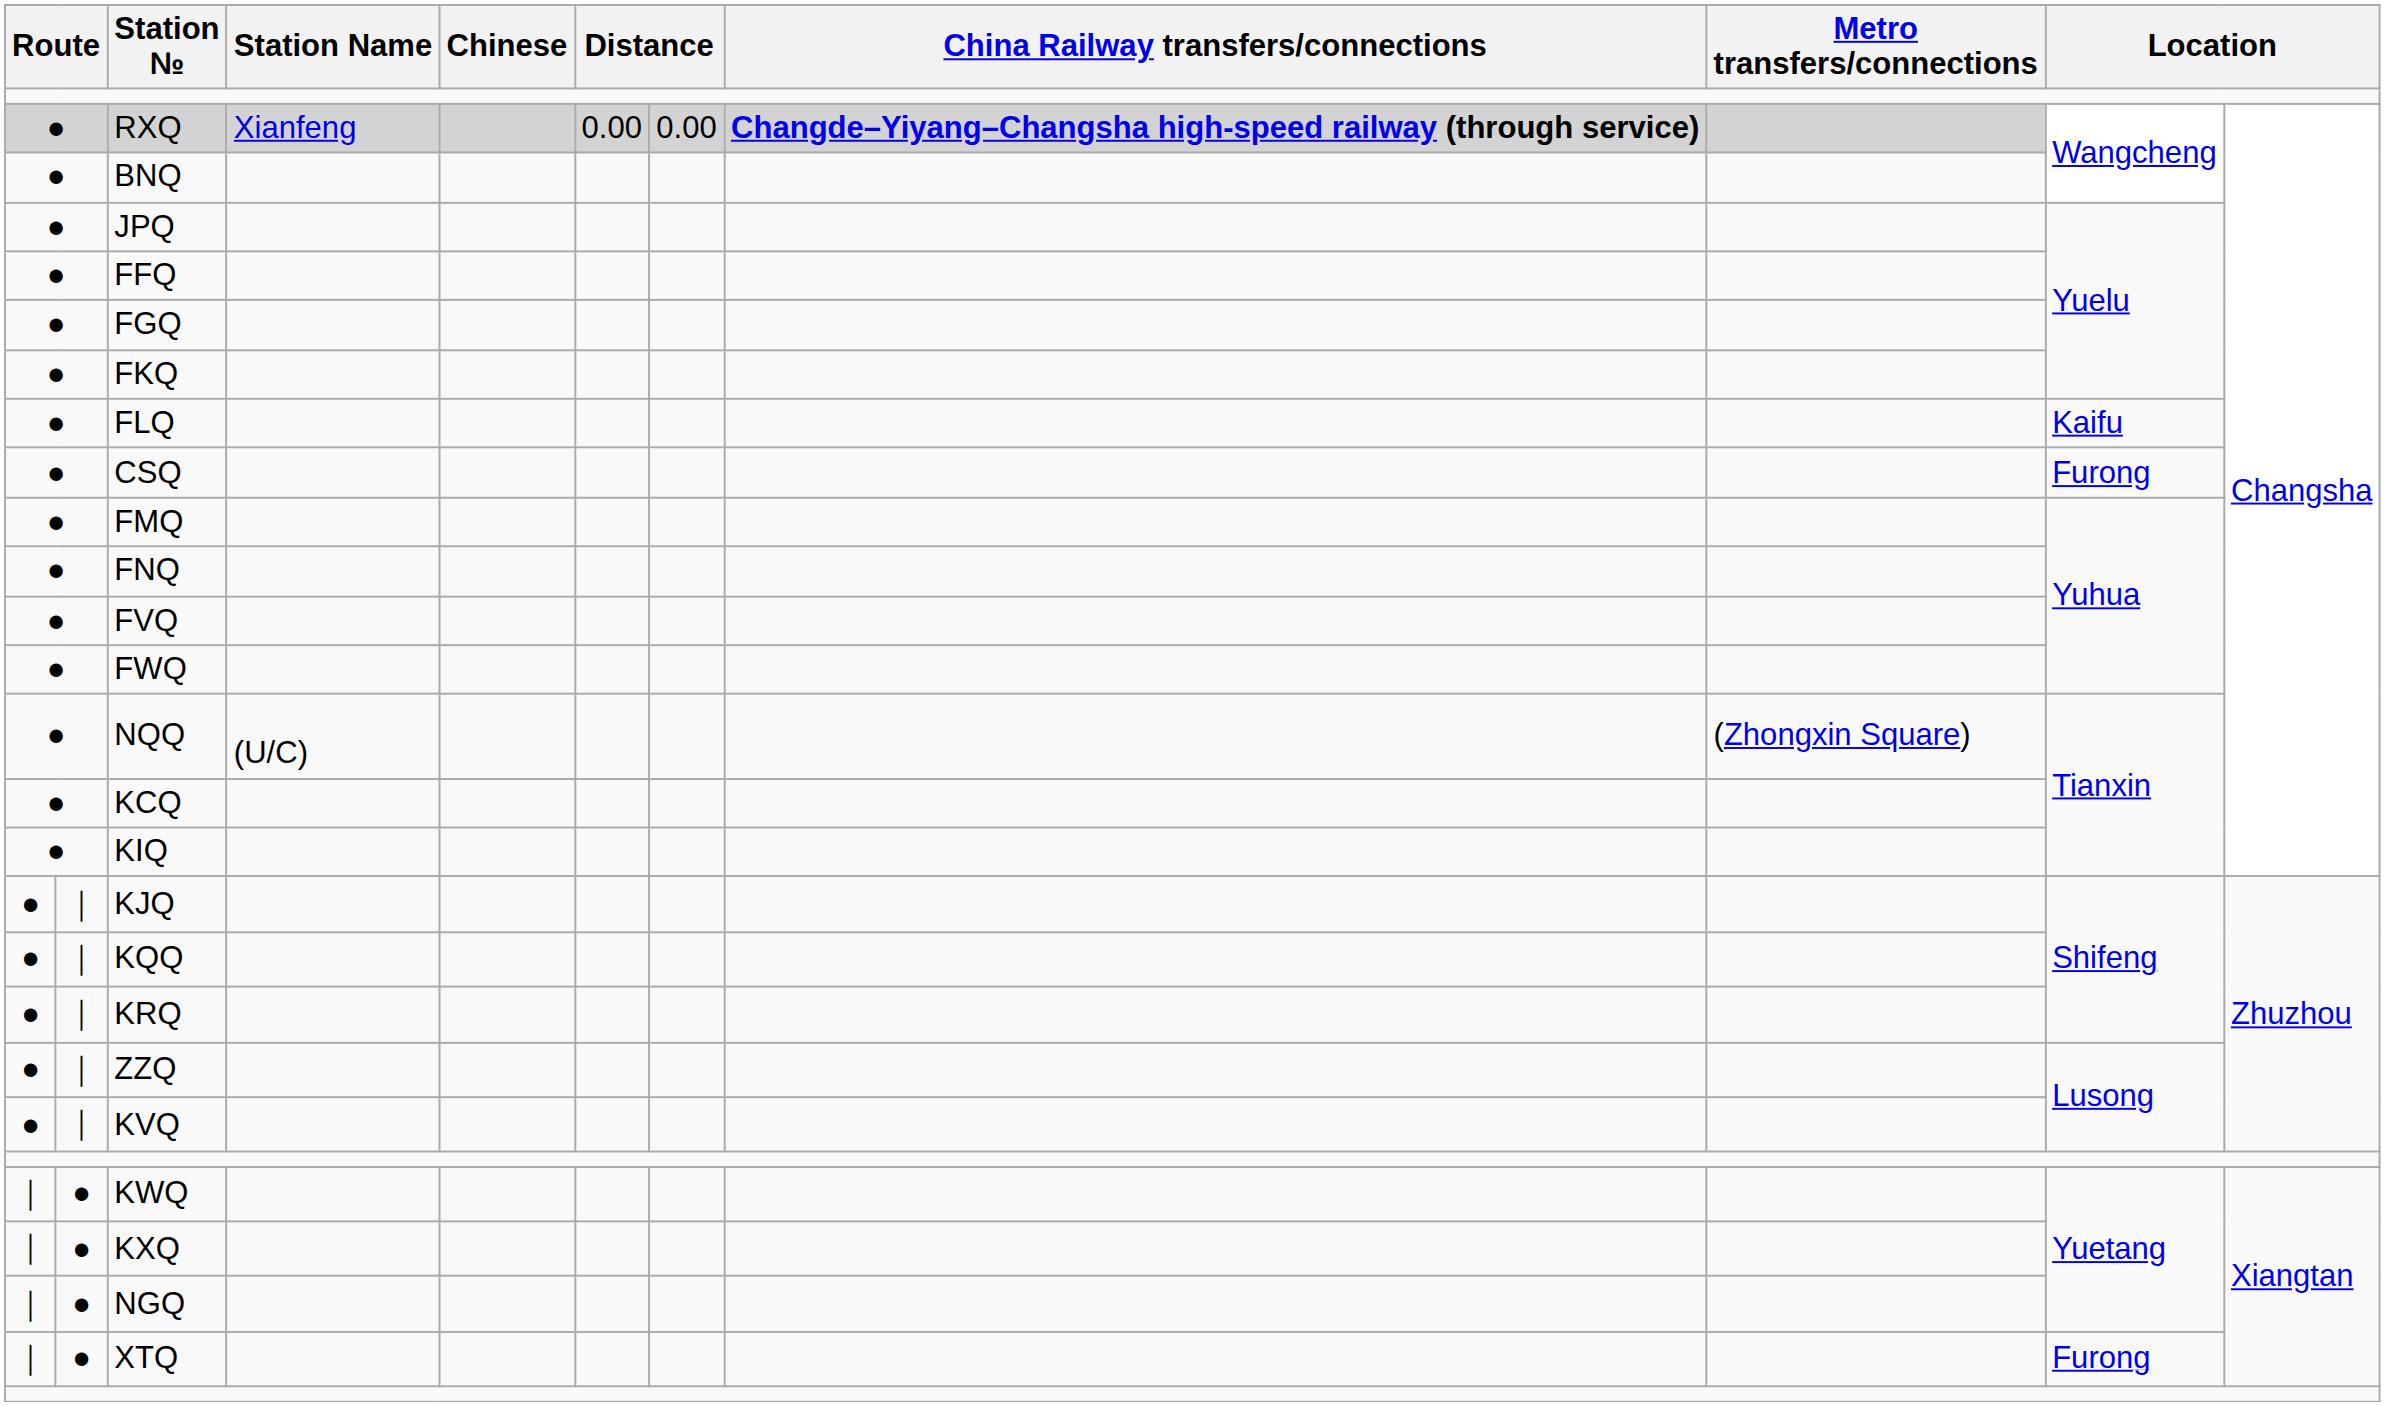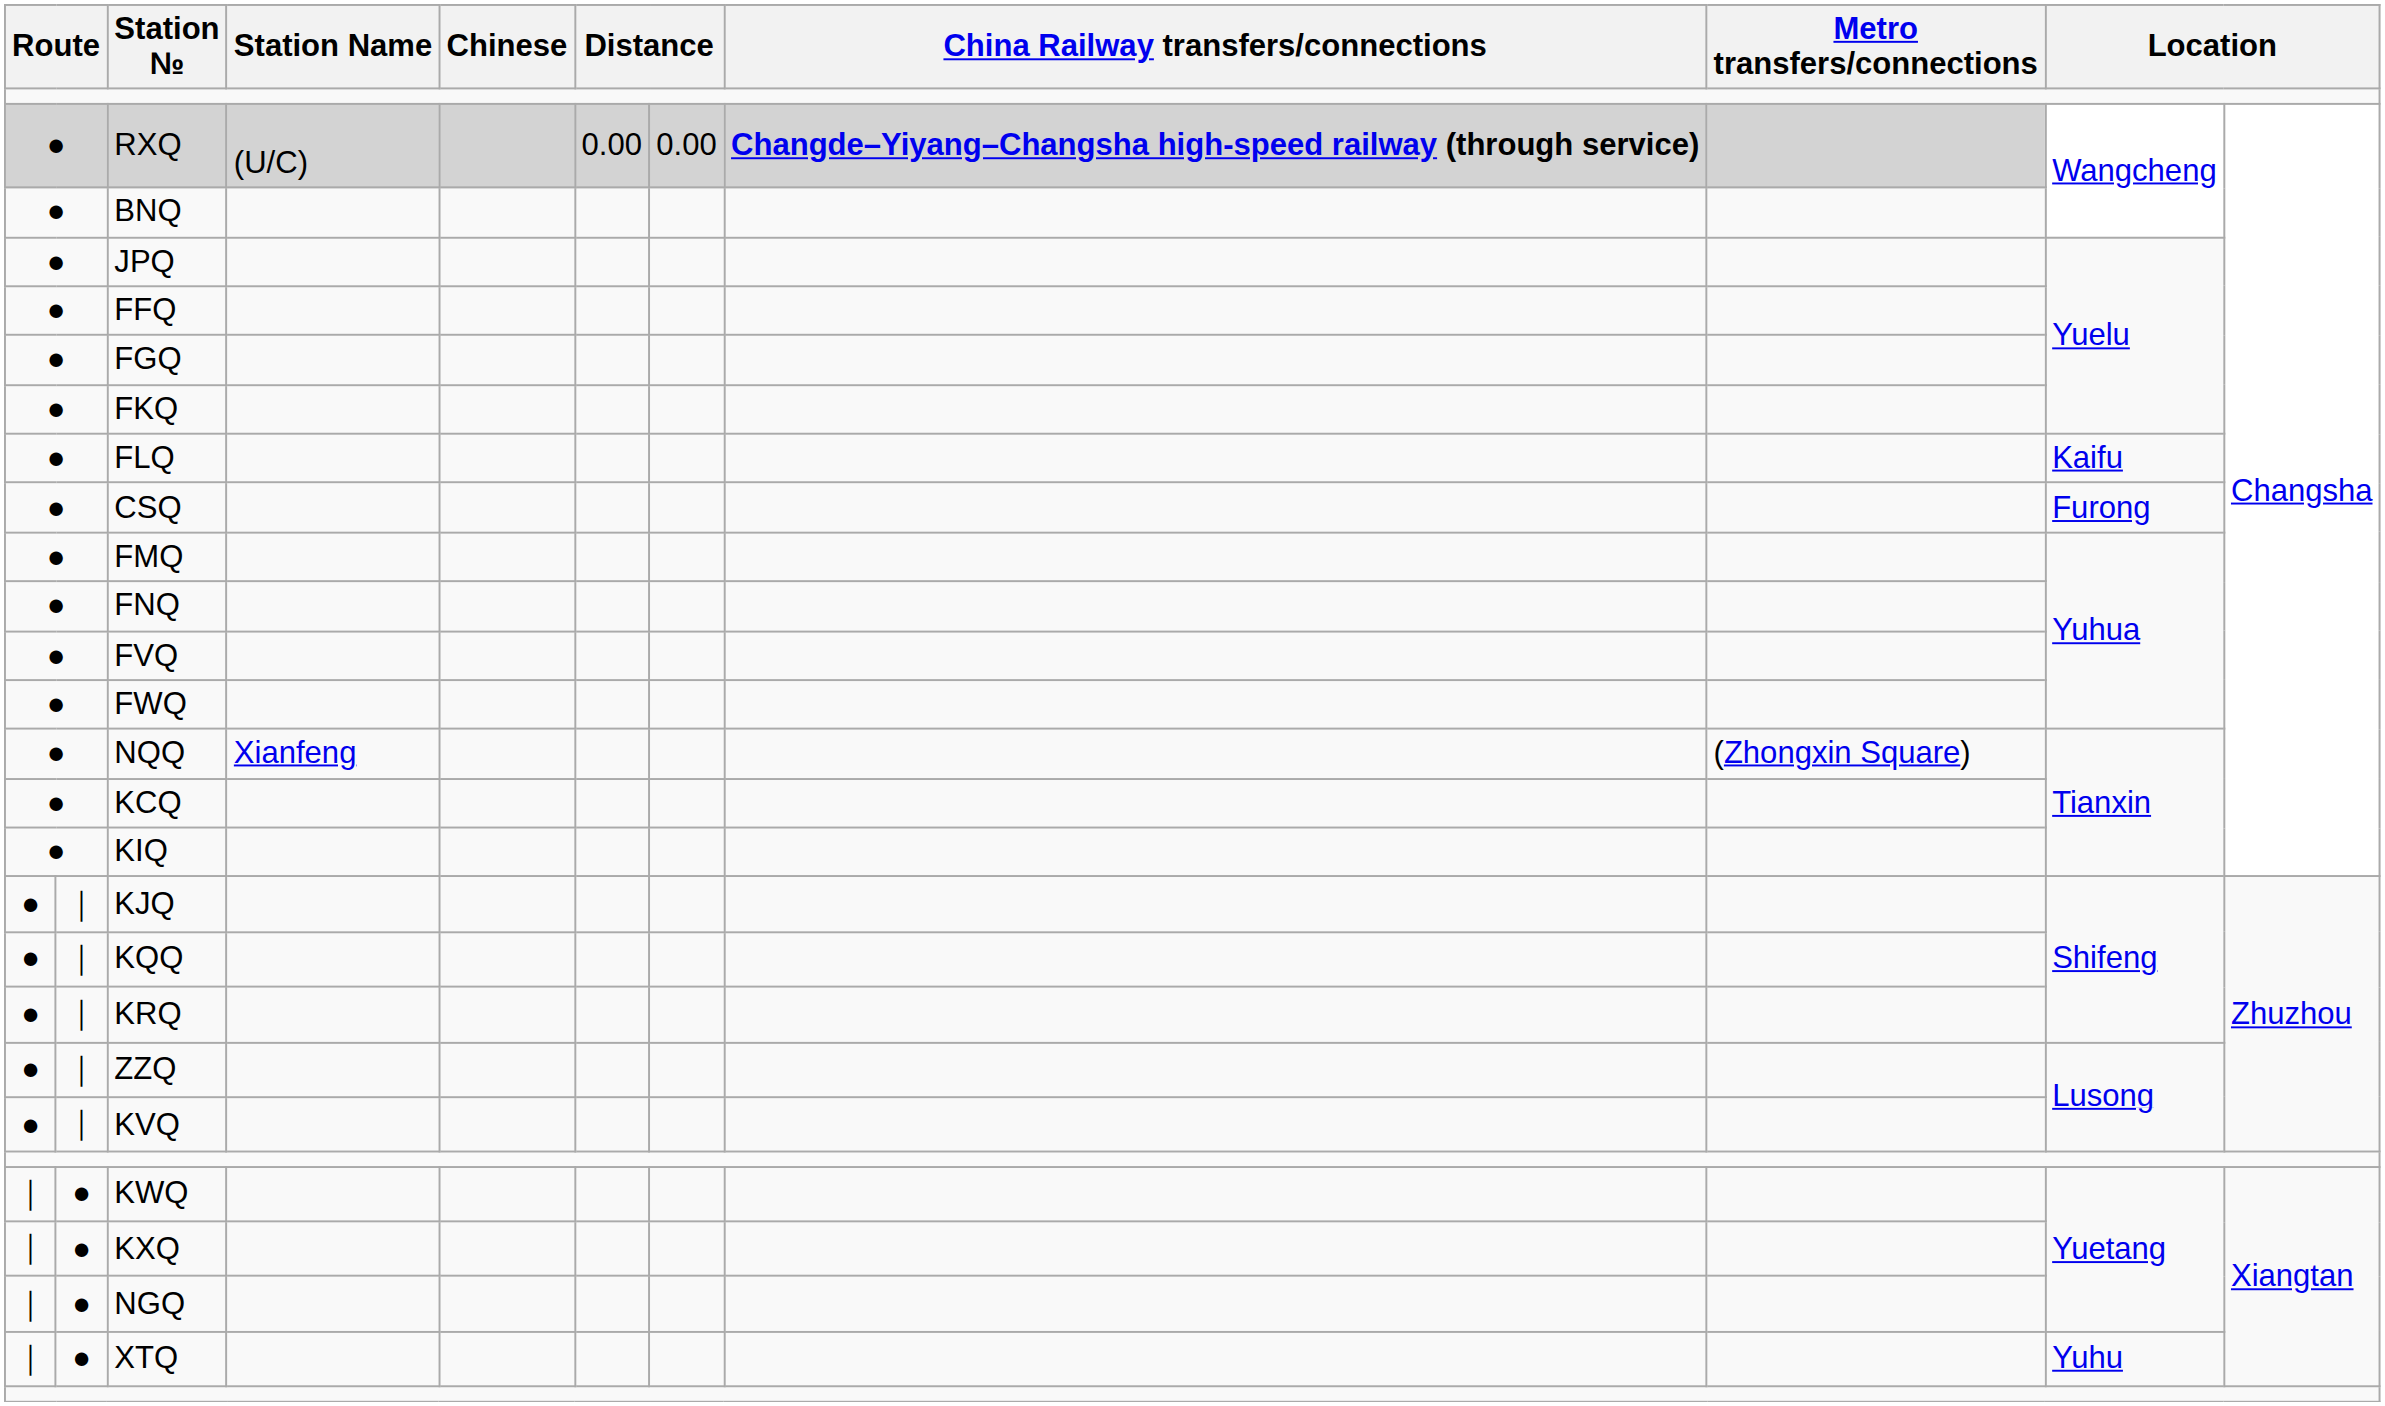 <table class="wikitable">
 <tr>
 <th colspan="2">Route</th>
 <th>Station<br>№</th>
 <th>Station Name</th>
 <th>Chinese</th>
 <th colspan="2">Distance<br></th>
 <th><a href='#'>China Railway</a> transfers/connections</th>
 <th><a href='#'>Metro</a><br>transfers/connections</th>
 <th colspan="2">Location</th>
 </tr>
 <tr style="background:#">
 <td colspan = "11"></td>
 </tr>
 <tr bgcolor="lightgrey">
 <td align="center" colspan="2">●</td>
 <td>RXQ</td>
-<td><a href='#'>Xianfeng</a></td>
+<td><em></em> <br>(U/C)</td>
 <td></td>
 <td>0.00</td>
 <td>0.00</td>
 <td><strong><a href='#'>Changde–Yiyang–Changsha high-speed railway</a> (through service)</strong></td>
 <td></td>
 <td bgcolor="white" rowspan="2"><a href='#'>Wangcheng</a></td>
 <td bgcolor="white" rowspan="15"><a href='#'>Changsha</a></td>
 </tr>
 <tr>
 <td align="center" colspan="2">●</td>
 <td>BNQ</td>
 <td></td>
 <td></td>
 <td></td>
 <td></td>
 <td></td>
 <td></td>
 </tr>
 <tr>
 <td align="center" colspan="2">●</td>
 <td>JPQ</td>
 <td></td>
 <td></td>
 <td></td>
 <td></td>
 <td></td>
 <td></td>
 <td rowspan="4"><a href='#'>Yuelu</a></td>
 </tr>
 <tr>
 <td align="center" colspan="2">●</td>
 <td>FFQ</td>
 <td></td>
 <td></td>
 <td></td>
 <td></td>
 <td></td>
 <td></td>
 </tr>
 <tr>
 <td align="center" colspan="2">●</td>
 <td>FGQ</td>
 <td></td>
 <td></td>
 <td></td>
 <td></td>
 <td></td>
 <td></td>
 </tr>
 <tr>
 <td align="center" colspan="2">●</td>
 <td>FKQ</td>
 <td></td>
 <td></td>
 <td></td>
 <td></td>
 <td></td>
 <td> </td>
 </tr>
 <tr>
 <td align="center" colspan="2">●</td>
 <td>FLQ</td>
 <td></td>
 <td></td>
 <td></td>
 <td></td>
 <td></td>
 <td> </td>
 <td rowspan="1"><a href='#'>Kaifu</a></td>
 </tr>
 <tr>
 <td align="center" colspan="2">●</td>
 <td>CSQ</td>
 <td></td>
 <td></td>
 <td></td>
 <td></td>
 <td></td>
 <td>  </td>
 <td rowspan="1"><a href='#'>Furong</a></td>
 </tr>
 <tr>
 <td align="center" colspan="2">●</td>
 <td>FMQ</td>
 <td></td>
 <td></td>
 <td></td>
 <td></td>
 <td></td>
 <td> </td>
 <td rowspan="4"><a href='#'>Yuhua</a></td>
 </tr>
 <tr>
 <td align="center" colspan="2">●</td>
 <td>FNQ</td>
 <td></td>
 <td></td>
 <td></td>
 <td></td>
 <td></td>
 <td></td>
 </tr>
 <tr>
 <td align="center" colspan="2">●</td>
 <td>FVQ</td>
 <td></td>
 <td></td>
 <td></td>
 <td></td>
 <td></td>
 <td></td>
 </tr>
 <tr>
 <td align="center" colspan="2">●</td>
 <td>FWQ</td>
 <td></td>
 <td></td>
 <td></td>
 <td></td>
 <td></td>
 <td></td>
 </tr>
 <tr>
 <td align="center" colspan="2">●</td>
 <td>NQQ</td>
-<td><em></em> <br>(U/C)</td>
+<td><a href='#'>Xianfeng</a></td>
 <td></td>
 <td></td>
 <td></td>
 <td></td>
 <td>  (<a href='#'>Zhongxin Square</a>)</td>
 <td rowspan="3"><a href='#'>Tianxin</a></td>
 </tr>
 <tr>
 <td align="center" colspan="2">●</td>
 <td>KCQ</td>
 <td> </td>
 <td></td>
 <td></td>
 <td></td>
 <td></td>
 <td></td>
 </tr>
 <tr>
 <td align="center" colspan="2">●</td>
 <td>KIQ</td>
 <td></td>
 <td></td>
 <td></td>
 <td></td>
 <td></td>
 <td></td>
 </tr>
 <tr>
 <td align="center">●</td>
 <td align="center">｜</td>
 <td>KJQ</td>
 <td></td>
 <td></td>
 <td></td>
 <td></td>
 <td></td>
 <td></td>
 <td rowspan="3"><a href='#'>Shifeng</a></td>
 <td rowspan="5"><a href='#'>Zhuzhou</a></td>
 </tr>
 <tr>
 <td align="center">●</td>
 <td align="center">｜</td>
 <td>KQQ</td>
 <td> </td>
 <td></td>
 <td></td>
 <td></td>
 <td></td>
 <td></td>
 </tr>
 <tr>
 <td align="center">●</td>
 <td align="center">｜</td>
 <td>KRQ</td>
 <td></td>
 <td></td>
 <td></td>
 <td></td>
 <td></td>
 <td></td>
 </tr>
 <tr>
 <td align="center">●</td>
 <td align="center">｜</td>
 <td>ZZQ</td>
 <td></td>
 <td></td>
 <td></td>
 <td></td>
 <td></td>
 <td></td>
 <td rowspan="2"><a href='#'>Lusong</a></td>
 </tr>
 <tr>
 <td align="center">●</td>
 <td align="center">｜</td>
 <td>KVQ</td>
 <td> </td>
 <td></td>
 <td></td>
 <td></td>
 <td></td>
 <td></td>
 </tr>
 <tr style="background:#">
 <td colspan = "11"></td>
 </tr>
 <tr>
 <td align="center">｜</td>
 <td align="center">●</td>
 <td>KWQ</td>
 <td></td>
 <td></td>
 <td></td>
 <td></td>
 <td></td>
 <td></td>
 <td rowspan="3"><a href='#'>Yuetang</a></td>
 <td rowspan="4"><a href='#'>Xiangtan</a></td>
 </tr>
 <tr>
 <td align="center">｜</td>
 <td align="center">●</td>
 <td>KXQ</td>
 <td></td>
 <td></td>
 <td></td>
 <td></td>
 <td></td>
 <td></td>
 </tr>
 <tr>
 <td align="center">｜</td>
 <td align="center">●</td>
 <td>NGQ</td>
 <td></td>
 <td></td>
 <td></td>
 <td></td>
 <td></td>
 <td></td>
 </tr>
 <tr>
 <td align="center">｜</td>
 <td align="center">●</td>
 <td>XTQ</td>
 <td></td>
 <td></td>
 <td></td>
 <td></td>
 <td></td>
 <td></td>
-<td rowspan="1"><a href='#'>Furong</a></td>
+<td rowspan="1"><a href='#'>Yuhu</a></td>
 </tr>
 <tr style="background:#">
 <td colspan = "11"></td>
 </tr>
 </table>
